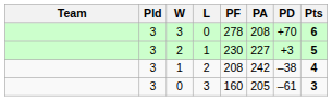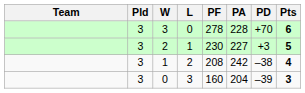 <table class=wikitable style="text-align:center">
 <tr>
 <th width=180>Team</th>
 <th width=30>Pld</th>
 <th width=30>W</th>
 <th width=30>L</th>
 <th width=30>PF</th>
 <th width=30>PA</th>
 <th width=30>PD</th>
 <th width=30>Pts</th>
 </tr>
 <tr bgcolor="#ccffcc">
 <td align="left"></td>
 <td>3</td>
 <td>3</td>
 <td>0</td>
 <td>278</td>
-<td>208</td>
+<td>228</td>
 <td>+70</td>
 <td><strong>6</strong></td>
 </tr>
 <tr bgcolor="#ccffcc">
 <td align="left"></td>
 <td>3</td>
 <td>2</td>
 <td>1</td>
 <td>230</td>
 <td>227</td>
 <td>+3</td>
 <td><strong>5</strong></td>
 </tr>
 <tr>
 <td align="left"></td>
 <td>3</td>
 <td>1</td>
 <td>2</td>
 <td>208</td>
 <td>242</td>
 <td>–38</td>
 <td><strong>4</strong></td>
 </tr>
 <tr>
 <td align="left"></td>
 <td>3</td>
 <td>0</td>
 <td>3</td>
 <td>160</td>
-<td>205</td>
-<td>–61</td>
+<td>204</td>
+<td>–39</td>
 <td><strong>3</strong></td>
 </tr>
 </table>
